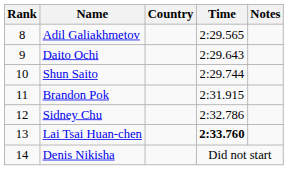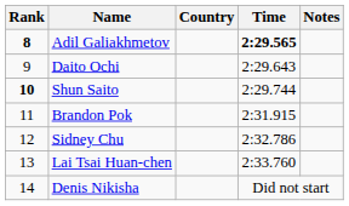 <table class="wikitable sortable" style="text-align:center">
 <tr>
 <th>Rank</th>
 <th>Name</th>
 <th>Country</th>
 <th>Time</th>
 <th>Notes</th>
 </tr>
 <tr>
-<td>8</td>
+<td><strong>8</strong></td>
 <td align=left><a href='#'>Adil Galiakhmetov</a></td>
 <td align=left></td>
-<td>2:29.565</td>
+<td><strong>2:29.565</strong></td>
 <td></td>
 </tr>
 <tr>
 <td>9</td>
 <td align=left><a href='#'>Daito Ochi</a></td>
 <td align=left></td>
 <td>2:29.643</td>
 <td></td>
 </tr>
 <tr>
-<td>10</td>
+<td><strong>10</strong></td>
 <td align=left><a href='#'>Shun Saito</a></td>
 <td align=left></td>
 <td>2:29.744</td>
 <td></td>
 </tr>
 <tr>
 <td>11</td>
 <td align=left><a href='#'>Brandon Pok</a></td>
 <td align=left></td>
 <td>2:31.915</td>
 <td></td>
 </tr>
 <tr>
 <td>12</td>
 <td align=left><a href='#'>Sidney Chu</a></td>
 <td align=left></td>
 <td>2:32.786</td>
 <td></td>
 </tr>
 <tr>
 <td>13</td>
 <td align=left><a href='#'>Lai Tsai Huan-chen</a></td>
 <td align=left></td>
-<td><strong>2:33.760</strong></td>
+<td>2:33.760</td>
 <td></td>
 </tr>
 <tr>
 <td>14</td>
 <td align=left><a href='#'>Denis Nikisha</a></td>
 <td align=left></td>
 <td colspan=2>Did not start</td>
 </tr>
 </table>
